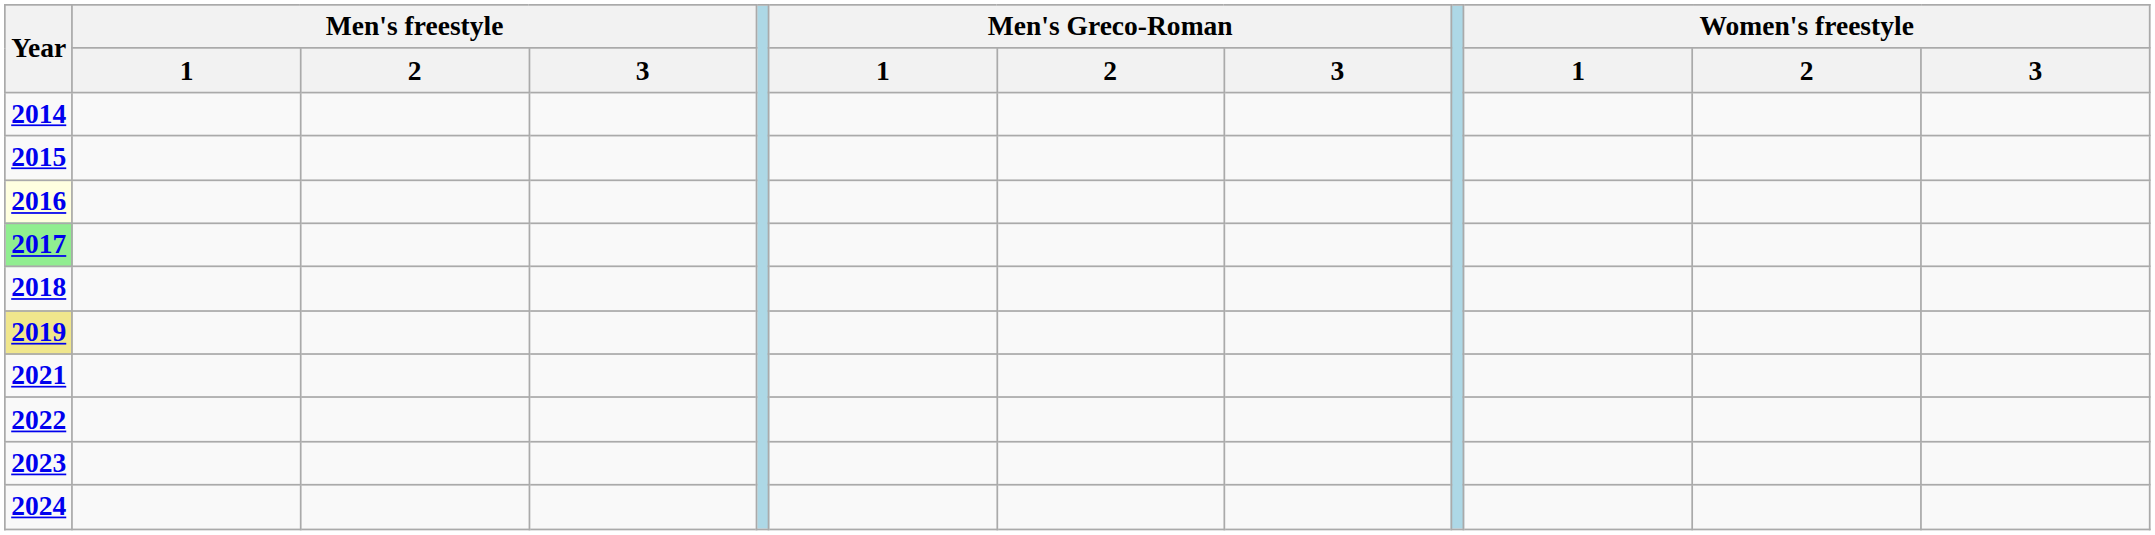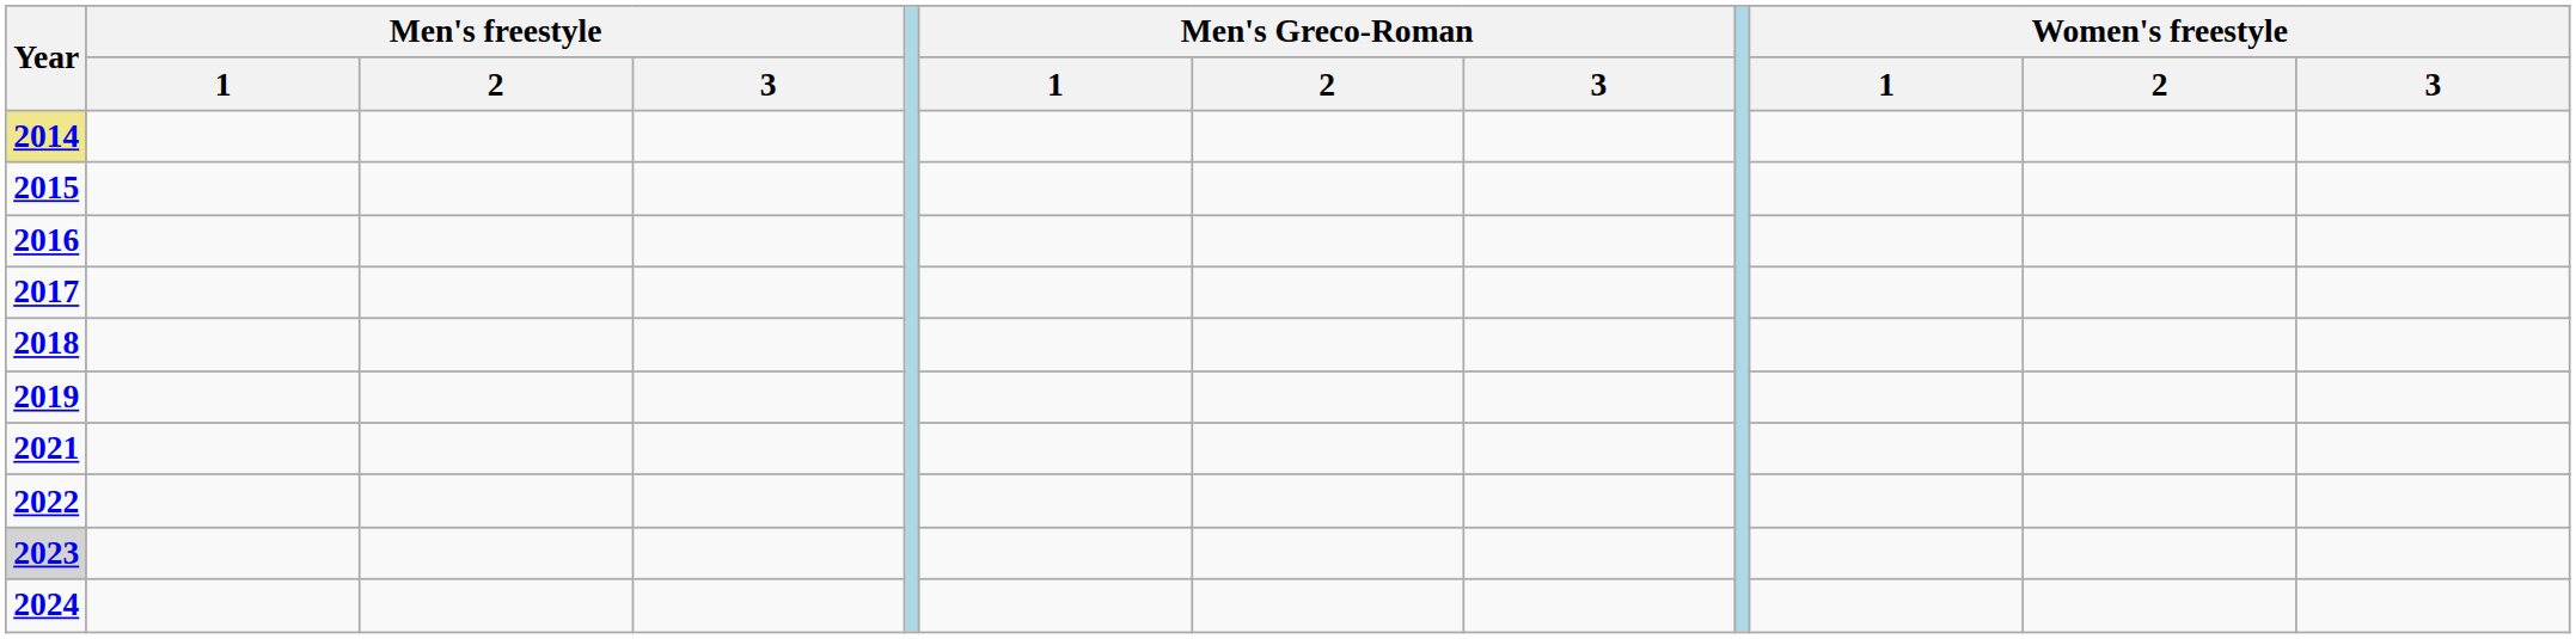 <table class="wikitable" style="text-align:center;">
 <tr>
 <th rowspan=2>Year</th>
 <th colspan=3>Men's freestyle</th>
 <td rowspan=12 bgcolor=lightblue></td>
 <th colspan=3>Men's Greco-Roman</th>
 <td rowspan=12 bgcolor=lightblue></td>
 <th colspan=3>Women's freestyle</th>
 </tr>
 <tr>
 <th width=150>1</th>
 <th width=150>2</th>
 <th width=150>3</th>
 <th width=150>1</th>
 <th width=150>2</th>
 <th width=150>3</th>
 <th width=150>1</th>
 <th width=150>2</th>
 <th width=150>3</th>
 </tr>
 <tr>
-<td><strong><a href='#'>2014</a></strong></td>
+<td style="background: khaki;"><strong><a href='#'>2014</a></strong></td>
 <td><strong></strong></td>
 <td></td>
 <td></td>
 <td><strong></strong></td>
 <td></td>
 <td></td>
 <td><strong></strong></td>
 <td></td>
 <td></td>
 </tr>
 <tr>
 <td><strong><a href='#'>2015</a></strong></td>
 <td><strong></strong></td>
 <td></td>
 <td></td>
 <td><strong></strong></td>
 <td></td>
 <td></td>
 <td><strong></strong></td>
 <td></td>
 <td></td>
 </tr>
 <tr>
-<td style="background: lightyellow;"><strong><a href='#'>2016</a></strong></td>
+<td><strong><a href='#'>2016</a></strong></td>
 <td><strong></strong></td>
 <td></td>
 <td></td>
 <td><strong></strong></td>
 <td></td>
 <td></td>
 <td><strong></strong></td>
 <td></td>
 <td></td>
 </tr>
 <tr>
-<td style="background: lightgreen;"><strong><a href='#'>2017</a></strong></td>
+<td><strong><a href='#'>2017</a></strong></td>
 <td><strong></strong></td>
 <td></td>
 <td></td>
 <td><strong></strong></td>
 <td></td>
 <td></td>
 <td><strong></strong></td>
 <td></td>
 <td></td>
 </tr>
 <tr>
 <td><strong><a href='#'>2018</a></strong></td>
 <td><strong></strong></td>
 <td></td>
 <td></td>
 <td><strong></strong></td>
 <td></td>
 <td></td>
 <td><strong></strong></td>
 <td></td>
 <td></td>
 </tr>
 <tr>
-<td style="background: khaki;"><strong><a href='#'>2019</a></strong></td>
+<td><strong><a href='#'>2019</a></strong></td>
 <td><strong></strong></td>
 <td></td>
 <td></td>
 <td><strong></strong></td>
 <td></td>
 <td></td>
 <td><strong></strong></td>
 <td></td>
 <td></td>
 </tr>
 <tr>
 <td><strong><a href='#'>2021</a></strong></td>
 <td><strong></strong></td>
 <td></td>
 <td></td>
 <td><strong></strong></td>
 <td></td>
 <td></td>
 <td><strong></strong></td>
 <td></td>
 <td></td>
 </tr>
 <tr>
 <td><strong><a href='#'>2022</a></strong></td>
 <td><strong></strong></td>
 <td></td>
 <td></td>
 <td><strong></strong></td>
 <td></td>
 <td></td>
 <td><strong></strong></td>
 <td></td>
 <td></td>
 </tr>
 <tr>
-<td><strong><a href='#'>2023</a></strong></td>
+<td style="background: lightgrey;"><strong><a href='#'>2023</a></strong></td>
 <td><strong></strong></td>
 <td></td>
 <td></td>
 <td><strong></strong></td>
 <td></td>
 <td></td>
 <td><strong></strong></td>
 <td></td>
 <td></td>
 </tr>
 <tr>
 <td><strong><a href='#'>2024</a></strong></td>
 <td><strong></strong></td>
 <td></td>
 <td></td>
 <td><strong></strong></td>
 <td></td>
 <td></td>
 <td><strong></strong></td>
 <td></td>
 <td></td>
 </tr>
 </table>
